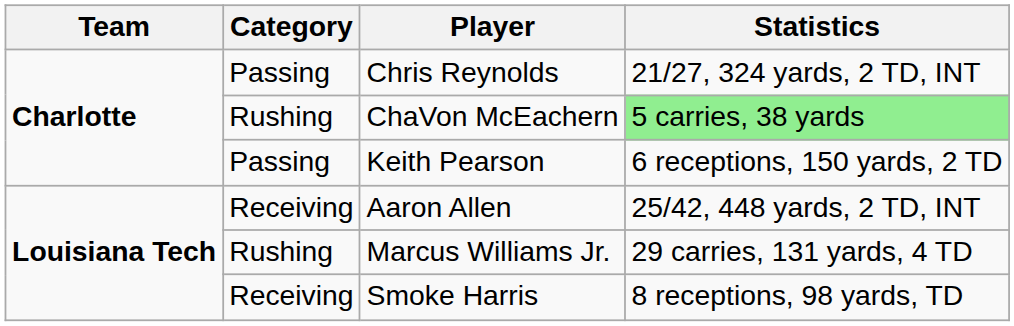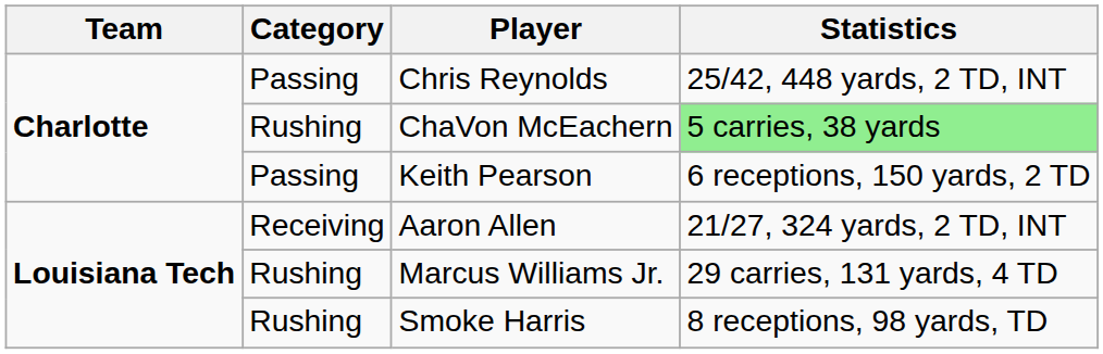 <table class="wikitable" style="float: right;">
 <tr>
 <th>Team</th>
 <th>Category</th>
 <th>Player</th>
 <th>Statistics</th>
 </tr>
 <tr>
 <td rowspan=3><strong>Charlotte</strong></td>
 <td>Passing</td>
 <td>Chris Reynolds</td>
-<td>21/27, 324 yards, 2 TD, INT</td>
+<td>25/42, 448 yards, 2 TD, INT</td>
 </tr>
 <tr>
 <td>Rushing</td>
 <td>ChaVon McEachern</td>
 <td style="background: lightgreen;">5 carries, 38 yards</td>
 </tr>
 <tr>
 <td>Passing</td>
 <td>Keith Pearson</td>
 <td>6 receptions, 150 yards, 2 TD</td>
 </tr>
 <tr>
 <td rowspan=3><strong>Louisiana Tech</strong></td>
 <td>Receiving</td>
 <td>Aaron Allen</td>
-<td>25/42, 448 yards, 2 TD, INT</td>
+<td>21/27, 324 yards, 2 TD, INT</td>
 </tr>
 <tr>
 <td>Rushing</td>
 <td>Marcus Williams Jr.</td>
 <td>29 carries, 131 yards, 4 TD</td>
 </tr>
 <tr>
-<td>Receiving</td>
+<td>Rushing</td>
 <td>Smoke Harris</td>
 <td>8 receptions, 98 yards, TD</td>
 </tr>
 </table>
